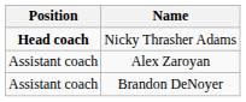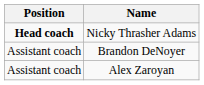 <table class="wikitable" style="text-align: center;">
 <tr>
 <th width=px>Position</th>
 <th width=px>Name</th>
 </tr>
 <tr>
 <td><strong>Head coach</strong></td>
 <td>Nicky Thrasher Adams</td>
 </tr>
 <tr>
 <td>Assistant coach</td>
-<td>Alex Zaroyan</td>
+<td>Brandon DeNoyer</td>
 </tr>
 <tr>
 <td>Assistant coach</td>
-<td>Brandon DeNoyer</td>
+<td>Alex Zaroyan</td>
 </tr>
 </table>
